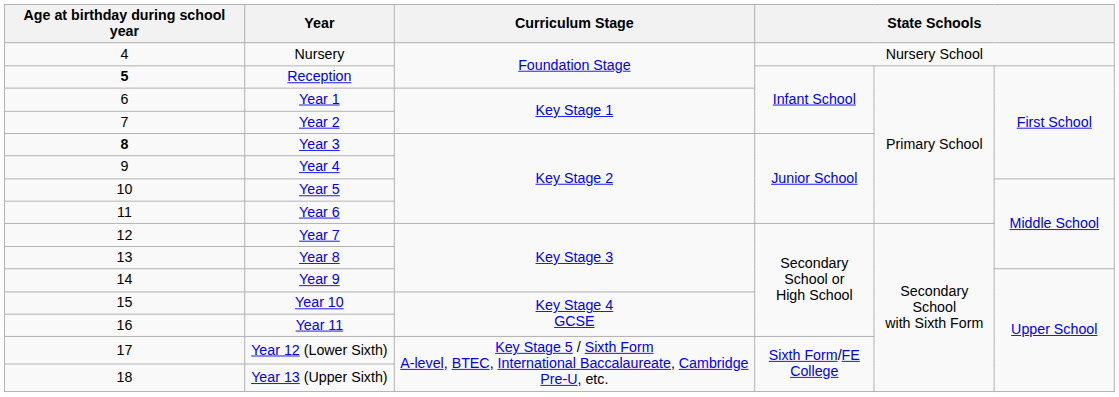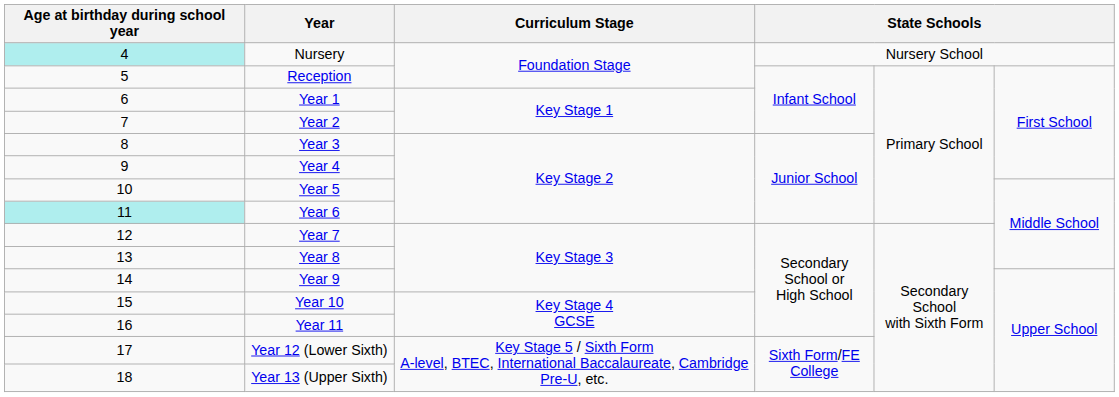 <table class="wikitable" style="text-align:center">
 <tr>
 <th width="16%">Age at birthday during school year</th>
 <th width="10%">Year</th>
 <th width="24%">Curriculum Stage</th>
 <th width="24%" colspan="3">State Schools</th>
 </tr>
 <tr>
-<td>4</td>
+<td style="background: paleturquoise;">4</td>
 <td>Nursery</td>
 <td rowspan="2"><a href='#'>Foundation Stage</a></td>
 <td colspan="3">Nursery School</td>
 </tr>
 <tr>
-<td><strong>5</strong></td>
+<td>5</td>
 <td><a href='#'>Reception</a></td>
 <td width="8%" rowspan="3"><a href='#'>Infant School</a></td>
 <td width="8%" rowspan="7">Primary School</td>
 <td width="8%" rowspan="5"><a href='#'>First School</a></td>
 </tr>
 <tr>
 <td>6</td>
 <td><a href='#'>Year 1</a></td>
 <td rowspan="2"><a href='#'>Key Stage 1</a></td>
 </tr>
 <tr>
 <td>7</td>
 <td><a href='#'>Year 2</a></td>
 </tr>
 <tr>
-<td><strong>8</strong></td>
+<td>8</td>
 <td><a href='#'>Year 3</a></td>
 <td rowspan="4"><a href='#'>Key Stage 2</a></td>
 <td rowspan="4"><a href='#'>Junior School</a></td>
 </tr>
 <tr>
 <td>9</td>
 <td><a href='#'>Year 4</a></td>
 </tr>
 <tr>
 <td>10</td>
 <td><a href='#'>Year 5</a></td>
 <td rowspan="4"><a href='#'>Middle School</a></td>
 </tr>
 <tr>
-<td>11</td>
+<td style="background: paleturquoise;">11</td>
 <td><a href='#'>Year 6</a></td>
 </tr>
 <tr>
 <td>12</td>
 <td><a href='#'>Year 7</a></td>
 <td rowspan="3"><a href='#'>Key Stage 3</a></td>
 <td rowspan="5">Secondary School or<br>High School</td>
 <td rowspan="7">Secondary School<br>with Sixth Form</td>
 </tr>
 <tr>
 <td>13</td>
 <td><a href='#'>Year 8</a></td>
 </tr>
 <tr>
 <td>14</td>
 <td><a href='#'>Year 9</a></td>
 <td rowspan="5"><a href='#'>Upper School</a></td>
 </tr>
 <tr>
 <td>15</td>
 <td><a href='#'>Year 10</a></td>
 <td rowspan="2"><a href='#'>Key Stage 4</a><br><a href='#'>GCSE</a></td>
 </tr>
 <tr>
 <td>16</td>
 <td><a href='#'>Year 11</a></td>
 </tr>
 <tr>
 <td>17</td>
 <td><a href='#'>Year 12</a> (Lower Sixth)</td>
 <td rowspan="2"><a href='#'>Key Stage 5</a> / <a href='#'>Sixth Form</a><br><a href='#'>A-level</a>, <a href='#'>BTEC</a>, <a href='#'>International Baccalaureate</a>, <a href='#'>Cambridge Pre-U</a>, etc.</td>
 <td rowspan="2"><a href='#'>Sixth Form</a>/<a href='#'>FE College</a></td>
 </tr>
 <tr>
 <td>18</td>
 <td><a href='#'>Year 13</a> (Upper Sixth)</td>
 </tr>
 </table>
